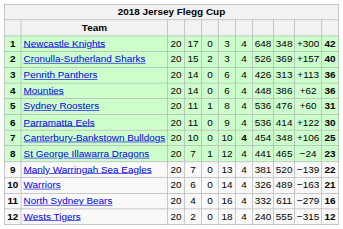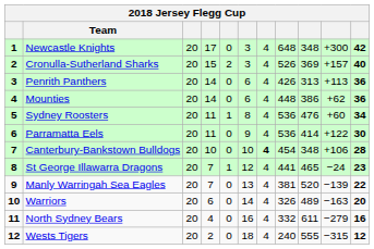 <table class="wikitable" style="text-align:center;">
 <tr>
 <th colspan="11">2018 Jersey Flegg Cup</th>
 </tr>
 <tr>
 <th width="20"></th>
 <th>Team</th>
 <th width="20"></th>
 <th width="20"></th>
 <th width="20"></th>
 <th width="20"></th>
 <th width="20"></th>
 <th width="25"></th>
 <th width="25"></th>
 <th width="30"></th>
 <th width="20"></th>
 </tr>
 <tr style="background: #ccffcc;">
 <td><strong>1</strong></td>
 <td style="text-align:left;"> <a href='#'>Newcastle Knights</a></td>
 <td>20</td>
 <td>17</td>
 <td>0</td>
 <td>3</td>
 <td>4</td>
 <td>648</td>
 <td>348</td>
 <td>+300</td>
 <td><strong>42</strong></td>
 </tr>
 <tr style="background: #ccffcc;">
 <td><strong>2</strong></td>
 <td style="text-align:left;"> <a href='#'>Cronulla-Sutherland Sharks</a></td>
 <td>20</td>
 <td>15</td>
 <td>2</td>
 <td>3</td>
 <td>4</td>
 <td>526</td>
 <td>369</td>
 <td>+157</td>
 <td><strong>40</strong></td>
 </tr>
 <tr style="background: #ccffcc;">
 <td><strong>3</strong></td>
 <td style="text-align:left;"> <a href='#'>Penrith Panthers</a></td>
 <td>20</td>
 <td>14</td>
 <td>0</td>
 <td>6</td>
 <td>4</td>
 <td>426</td>
 <td>313</td>
 <td>+113</td>
 <td><strong>36</strong></td>
 </tr>
 <tr style="background: #ccffcc;">
 <td><strong>4</strong></td>
 <td style="text-align:left;"> <a href='#'>Mounties</a></td>
 <td>20</td>
 <td>14</td>
 <td>0</td>
 <td>6</td>
 <td>4</td>
 <td>448</td>
 <td>386</td>
 <td>+62</td>
 <td><strong>36</strong></td>
 </tr>
 <tr style="background: #ccffcc;">
 <td><strong>5</strong></td>
 <td style="text-align:left;"> <a href='#'>Sydney Roosters</a></td>
 <td>20</td>
 <td>11</td>
 <td>1</td>
 <td>8</td>
 <td>4</td>
 <td>536</td>
 <td>476</td>
 <td>+60</td>
-<td><strong>31</strong></td>
+<td><strong>34</strong></td>
 </tr>
 <tr style="background: #ccffcc;">
 <td><strong>6</strong></td>
 <td style="text-align:left;"> <a href='#'>Parramatta Eels</a></td>
 <td>20</td>
 <td>11</td>
 <td>0</td>
 <td>9</td>
 <td>4</td>
 <td>536</td>
 <td>414</td>
 <td>+122</td>
 <td><strong>30</strong></td>
 </tr>
 <tr style="background: #ccffcc;">
 <td><strong>7</strong></td>
 <td style="text-align:left;"> <a href='#'>Canterbury-Bankstown Bulldogs</a></td>
 <td>20</td>
 <td>10</td>
 <td>0</td>
 <td>10</td>
 <td><strong>4</strong></td>
 <td>454</td>
 <td>348</td>
 <td>+106</td>
-<td><strong>25</strong></td>
+<td><strong>28</strong></td>
 </tr>
 <tr style="background: #ccffcc;">
 <td><strong>8</strong></td>
 <td style="text-align:left;"> <a href='#'>St George Illawarra Dragons</a></td>
 <td>20</td>
 <td>7</td>
 <td>1</td>
 <td>12</td>
 <td>4</td>
 <td>441</td>
 <td>465</td>
 <td>−24</td>
 <td><strong>23</strong></td>
 </tr>
 <tr style="background:">
 <td><strong>9</strong></td>
 <td style="text-align:left;"> <a href='#'>Manly Warringah Sea Eagles</a></td>
 <td>20</td>
 <td>7</td>
 <td>0</td>
 <td>13</td>
 <td>4</td>
 <td>381</td>
 <td>520</td>
 <td>−139</td>
 <td><strong>22</strong></td>
 </tr>
 <tr style="background:">
 <td><strong>10</strong></td>
 <td style="text-align:left;"> <a href='#'>Warriors</a></td>
 <td>20</td>
 <td>6</td>
 <td>0</td>
 <td>14</td>
 <td>4</td>
 <td>326</td>
 <td>489</td>
 <td>−163</td>
-<td><strong>21</strong></td>
+<td><strong>20</strong></td>
 </tr>
 <tr style="background:">
 <td><strong>11</strong></td>
 <td style="text-align:left;"> <a href='#'>North Sydney Bears</a></td>
 <td>20</td>
 <td>4</td>
 <td>0</td>
 <td>16</td>
 <td>4</td>
 <td>332</td>
 <td>611</td>
 <td>−279</td>
 <td><strong>16</strong></td>
 </tr>
 <tr style="background:">
 <td><strong>12</strong></td>
 <td style="text-align:left;"> <a href='#'>Wests Tigers</a></td>
 <td>20</td>
 <td>2</td>
 <td>0</td>
 <td>18</td>
 <td>4</td>
 <td>240</td>
 <td>555</td>
 <td>−315</td>
 <td><strong>12</strong></td>
 </tr>
 </table>
